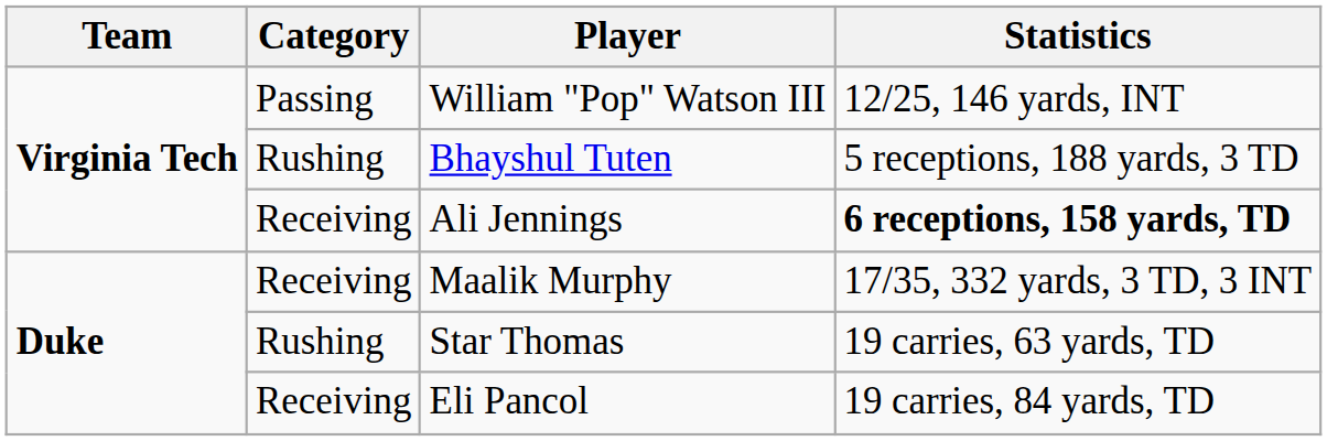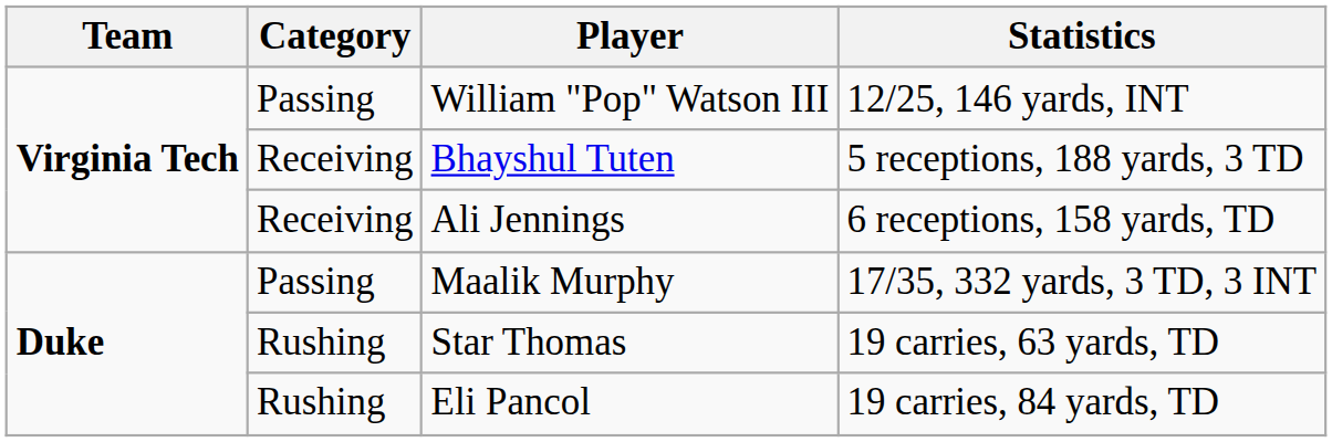 <table class="wikitable" style="float: right;">
 <tr>
 <th>Team</th>
 <th>Category</th>
 <th>Player</th>
 <th>Statistics</th>
 </tr>
 <tr>
 <td rowspan=3><strong>Virginia Tech</strong></td>
 <td>Passing</td>
 <td>William "Pop" Watson III</td>
 <td>12/25, 146 yards, INT</td>
 </tr>
 <tr>
-<td>Rushing</td>
+<td>Receiving</td>
 <td><a href='#'>Bhayshul Tuten</a></td>
 <td>5 receptions, 188 yards, 3 TD</td>
 </tr>
 <tr>
 <td>Receiving</td>
 <td>Ali Jennings</td>
-<td><strong>6 receptions, 158 yards, TD</strong></td>
+<td>6 receptions, 158 yards, TD</td>
 </tr>
 <tr>
 <td rowspan=3><strong>Duke</strong></td>
-<td>Receiving</td>
+<td>Passing</td>
 <td>Maalik Murphy</td>
 <td>17/35, 332 yards, 3 TD, 3 INT</td>
 </tr>
 <tr>
 <td>Rushing</td>
 <td>Star Thomas</td>
 <td>19 carries, 63 yards, TD</td>
 </tr>
 <tr>
-<td>Receiving</td>
+<td>Rushing</td>
 <td>Eli Pancol</td>
 <td>19 carries, 84 yards, TD</td>
 </tr>
 </table>
